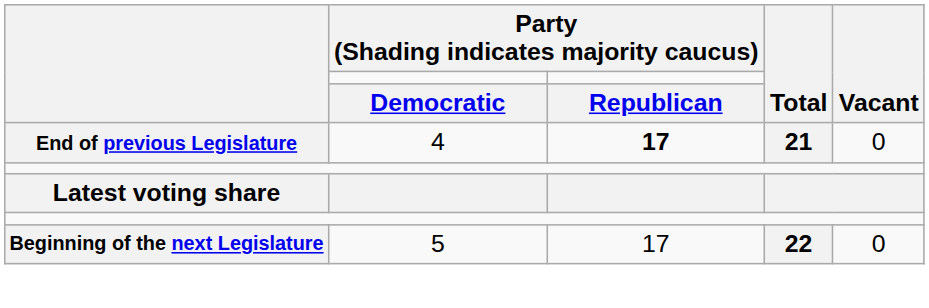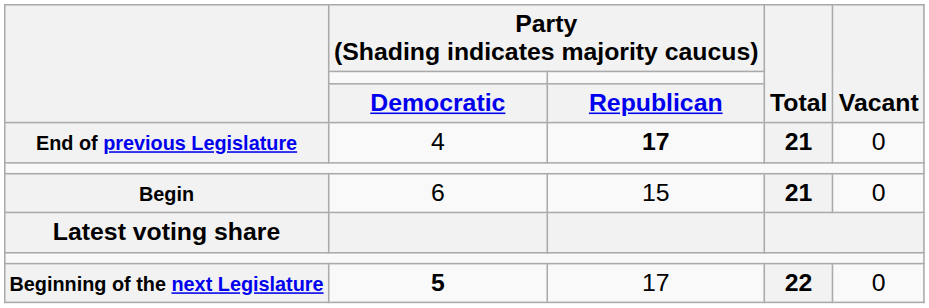 <table class=wikitable style="text-align:center">
 <tr style="vertical-align:bottom;">
 <th rowspan=3></th>
 <th colspan=2>Party <div>(Shading indicates majority caucus)</div></th>
 <th rowspan=3>Total</th>
 <th rowspan=3>Vacant</th>
 </tr>
 <tr style="height:5px">
 <td style="background-color:"></td>
 <td style="background-color:"></td>
 </tr>
 <tr>
 <th><a href='#'>Democratic</a></th>
 <th><a href='#'>Republican</a></th>
 </tr>
 <tr>
 <th style="white-space:nowrap; font-size:80%;">End of <a href='#'>previous Legislature</a></th>
 <td>4</td>
 <td><strong>17</strong></td>
 <th>21</th>
 <td>0</td>
 </tr>
 <tr>
 <td colspan=5></td>
 </tr>
 <tr>
+<th style="font-size:80%">Begin</th>
+<td>6</td>
+<td>15</td>
+<th>21</th>
+<td>0</td>
+</tr>
+<tr>
 <th>Latest voting share</th>
 <th></th>
 <th></th>
 <th colspan=2></th>
 </tr>
 <tr>
 <td colspan=5></td>
 </tr>
 <tr>
 <th style="white-space:nowrap; font-size:80%;">Beginning of the <a href='#'>next Legislature</a></th>
-<td>5</td>
+<td><strong>5</strong></td>
 <td>17</td>
 <th>22</th>
 <td>0</td>
 </tr>
 </table>
